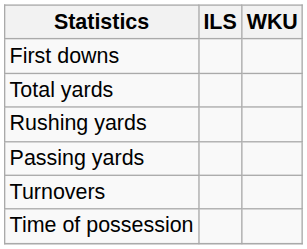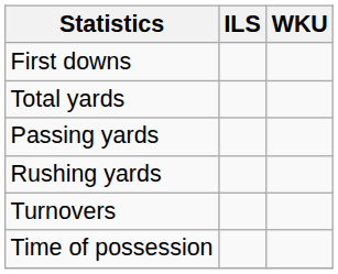 <table class="wikitable" style="float: left;">
 <tr>
 <th>Statistics</th>
 <th>ILS</th>
 <th>WKU</th>
 </tr>
 <tr>
 <td>First downs</td>
 <td></td>
 <td></td>
 </tr>
 <tr>
 <td>Total yards</td>
 <td></td>
 <td></td>
 </tr>
 <tr>
-<td>Rushing yards</td>
+<td>Passing yards</td>
 <td></td>
 <td></td>
 </tr>
 <tr>
-<td>Passing yards</td>
+<td>Rushing yards</td>
 <td></td>
 <td></td>
 </tr>
 <tr>
 <td>Turnovers</td>
 <td></td>
 <td></td>
 </tr>
 <tr>
 <td>Time of possession</td>
 <td></td>
 <td></td>
 </tr>
 <tr>
 </tr>
 </table>
